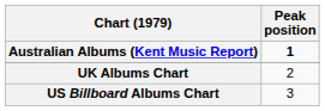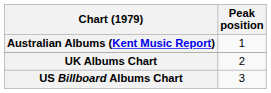 <table class="wikitable sortable plainrowheaders">
 <tr>
 <th>Chart (1979)</th>
 <th>Peak<br>position</th>
 </tr>
 <tr>
 <th scope="row">Australian Albums (<a href='#'>Kent Music Report</a>)</th>
-<td style="text-align:center;"><strong>1</strong></td>
+<td style="text-align:center;">1</td>
 </tr>
 <tr>
 </tr>
 <tr>
 </tr>
 <tr>
 </tr>
 <tr>
 </tr>
 <tr>
 </tr>
 <tr>
 </tr>
 <tr>
 <th scope="row">UK Albums Chart</th>
 <td style="text-align:center;">2</td>
 </tr>
 <tr>
 <th scope="row">US <em>Billboard</em> Albums Chart</th>
 <td style="text-align:center;">3</td>
 </tr>
 </table>
